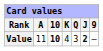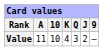 <table class="wikitable" align="float:left"  style="background-color:white">
 <tr style="background-color:#B3B7FF">
 <td colspan="7"><strong>Card values</strong></td>
 </tr>
 <tr>
 <th>Rank</th>
 <th>A</th>
 <th>10</th>
 <th>K</th>
 <th>Q</th>
 <th>J</th>
 <th>9</th>
 </tr>
 <tr align="center">
 <td style="background:#efefef;"><strong>Value</strong></td>
 <td>11</td>
-<td><strong>10</strong></td>
+<td>10</td>
 <td>4</td>
 <td>3</td>
-<td><strong>2</strong></td>
+<td>2</td>
 <td>–</td>
 </tr>
 </table>
